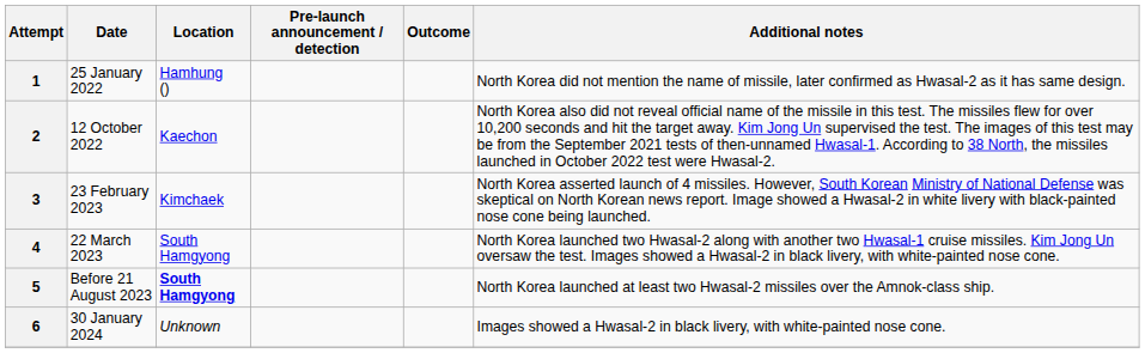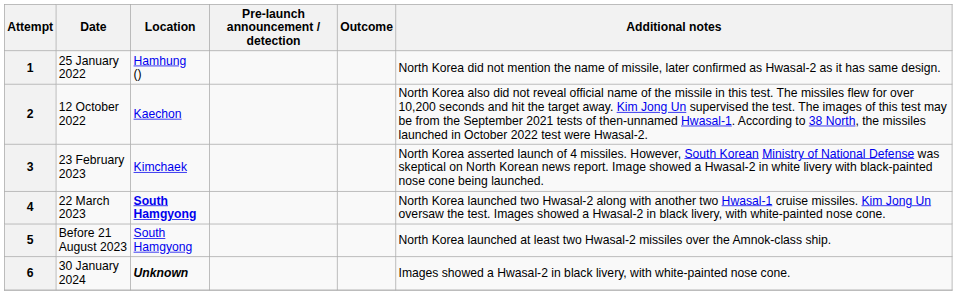 <table class="wikitable">
 <tr>
 <th scope="col">Attempt</th>
 <th scope="col">Date</th>
 <th scope="col">Location</th>
 <th scope="col">Pre-launch announcement / detection</th>
 <th scope="col">Outcome</th>
 <th scope="col">Additional notes</th>
 </tr>
 <tr>
 <th scope="row">1</th>
 <td>25 January 2022</td>
 <td><a href='#'>Hamhung</a><br>()</td>
 <td></td>
 <td></td>
 <td>North Korea did not mention the name of missile, later confirmed as Hwasal-2 as it has same design.</td>
 </tr>
 <tr>
 <th>2</th>
 <td>12 October 2022</td>
 <td><a href='#'>Kaechon</a></td>
 <td></td>
 <td></td>
 <td>North Korea also did not reveal official name of the missile in this test. The missiles flew for over 10,200 seconds and hit the target  away. <a href='#'>Kim Jong Un</a> supervised the test. The images of this test may be from the September 2021 tests of then-unnamed <a href='#'>Hwasal-1</a>. According to <a href='#'>38 North</a>, the missiles launched in October 2022 test were Hwasal-2.</td>
 </tr>
 <tr>
 <th>3</th>
 <td>23 February 2023</td>
 <td><a href='#'>Kimchaek</a></td>
 <td></td>
 <td></td>
 <td>North Korea asserted launch of 4 missiles. However, <a href='#'>South Korean</a> <a href='#'>Ministry of National Defense</a> was skeptical on North Korean news report. Image showed a Hwasal-2 in white livery with black-painted nose cone being launched.</td>
 </tr>
 <tr>
 <th>4</th>
 <td>22 March 2023</td>
-<td><a href='#'>South Hamgyong</a></td>
+<td><strong><a href='#'>South Hamgyong</a></strong></td>
 <td></td>
 <td></td>
 <td>North Korea launched two Hwasal-2 along with another two <a href='#'>Hwasal-1</a> cruise missiles. <a href='#'>Kim Jong Un</a> oversaw the test. Images showed a Hwasal-2 in black livery, with white-painted nose cone.</td>
 </tr>
 <tr>
 <th>5</th>
 <td>Before 21 August 2023</td>
-<td><strong><a href='#'>South Hamgyong</a></strong></td>
+<td><a href='#'>South Hamgyong</a></td>
 <td></td>
 <td></td>
 <td>North Korea launched at least two Hwasal-2 missiles over the Amnok-class ship.</td>
 </tr>
 <tr>
 <th>6</th>
 <td>30 January 2024</td>
-<td><em>Unknown</em></td>
+<td><strong><em>Unknown</em></strong></td>
 <td></td>
 <td></td>
 <td>Images showed a Hwasal-2 in black livery, with white-painted nose cone.</td>
 </tr>
 <tr>
 </tr>
 </table>
